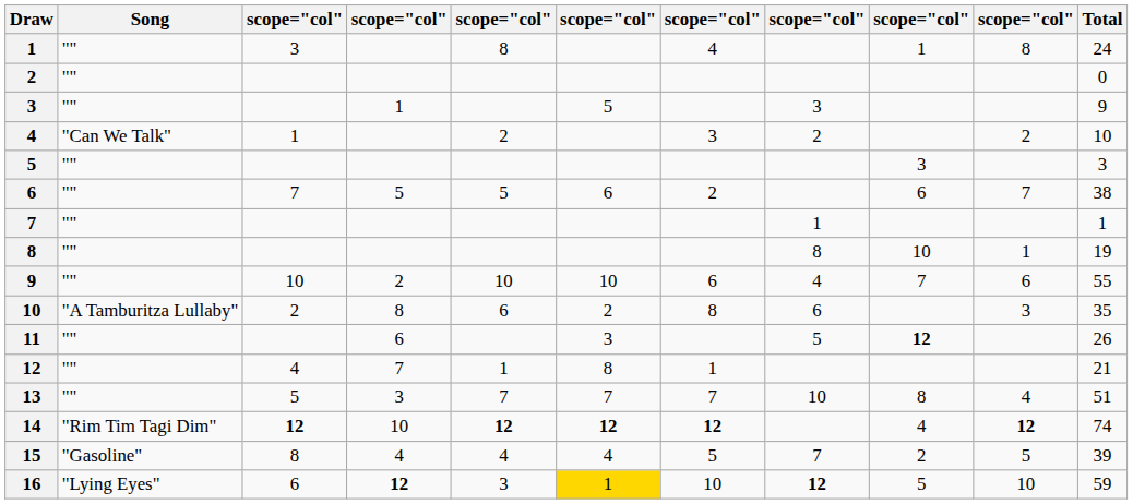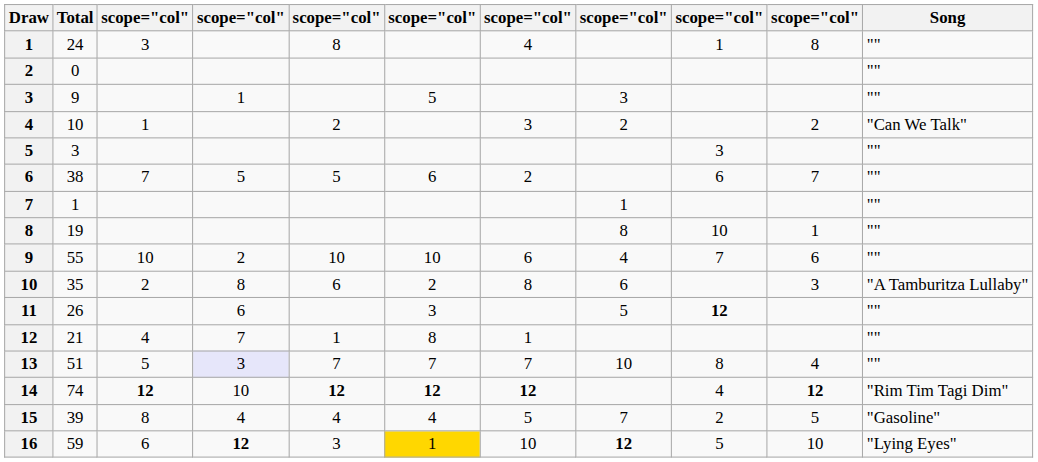 <table class="wikitable plainrowheaders collapsible" style="margin: 1em auto 1em auto; text-align:center;">
 <tr>
 <th>Draw</th>
-<th>Song</th>
+<th>Total</th>
 <th>scope="col" </th>
 <th>scope="col" </th>
 <th>scope="col" </th>
 <th>scope="col" </th>
 <th>scope="col" </th>
 <th>scope="col" </th>
 <th>scope="col" </th>
 <th>scope="col" </th>
-<th>Total</th>
+<th>Song</th>
 </tr>
 <tr>
 <th scope="row" style="text-align:center">1</th>
-<td align="left">""</td>
+<td>24</td>
 <td>3</td>
 <td></td>
 <td>8</td>
 <td></td>
 <td>4</td>
 <td></td>
 <td>1</td>
 <td>8</td>
-<td>24</td>
+<td align="left">""</td>
 </tr>
 <tr>
 <th scope="row" style="text-align:center">2</th>
-<td align="left">""</td>
+<td>0</td>
 <td></td>
 <td></td>
 <td></td>
 <td></td>
 <td></td>
 <td></td>
 <td></td>
 <td></td>
-<td>0</td>
+<td align="left">""</td>
 </tr>
 <tr>
 <th scope="row" style="text-align:center">3</th>
-<td align="left">""</td>
+<td>9</td>
 <td></td>
 <td>1</td>
 <td></td>
 <td>5</td>
 <td></td>
 <td>3</td>
 <td></td>
 <td></td>
-<td>9</td>
+<td align="left">""</td>
 </tr>
 <tr>
 <th scope="row" style="text-align:center">4</th>
-<td align="left">"Can We Talk"</td>
+<td>10</td>
 <td>1</td>
 <td></td>
 <td>2</td>
 <td></td>
 <td>3</td>
 <td>2</td>
 <td></td>
 <td>2</td>
-<td>10</td>
+<td align="left">"Can We Talk"</td>
 </tr>
 <tr>
 <th scope="row" style="text-align:center">5</th>
-<td align="left">""</td>
+<td>3</td>
 <td></td>
 <td></td>
 <td></td>
 <td></td>
 <td></td>
 <td></td>
 <td>3</td>
 <td></td>
-<td>3</td>
+<td align="left">""</td>
 </tr>
 <tr>
 <th scope="row" style="text-align:center">6</th>
-<td align="left">""</td>
+<td>38</td>
 <td>7</td>
 <td>5</td>
 <td>5</td>
 <td>6</td>
 <td>2</td>
 <td></td>
 <td>6</td>
 <td>7</td>
-<td>38</td>
+<td align="left">""</td>
 </tr>
 <tr>
 <th scope="row" style="text-align:center">7</th>
-<td align="left">""</td>
+<td>1</td>
 <td></td>
 <td></td>
 <td></td>
 <td></td>
 <td></td>
 <td>1</td>
 <td></td>
 <td></td>
-<td>1</td>
+<td align="left">""</td>
 </tr>
 <tr>
 <th scope="row" style="text-align:center">8</th>
-<td align="left">""</td>
+<td>19</td>
 <td></td>
 <td></td>
 <td></td>
 <td></td>
 <td></td>
 <td>8</td>
 <td>10</td>
 <td>1</td>
-<td>19</td>
+<td align="left">""</td>
 </tr>
 <tr>
 <th scope="row" style="text-align:center">9</th>
-<td align="left">""</td>
+<td>55</td>
 <td>10</td>
 <td>2</td>
 <td>10</td>
 <td>10</td>
 <td>6</td>
 <td>4</td>
 <td>7</td>
 <td>6</td>
-<td>55</td>
+<td align="left">""</td>
 </tr>
 <tr>
 <th scope="row" style="text-align:center">10</th>
-<td align="left">"A Tamburitza Lullaby"</td>
+<td>35</td>
 <td>2</td>
 <td>8</td>
 <td>6</td>
 <td>2</td>
 <td>8</td>
 <td>6</td>
 <td></td>
 <td>3</td>
-<td>35</td>
+<td align="left">"A Tamburitza Lullaby"</td>
 </tr>
 <tr>
 <th scope="row" style="text-align:center">11</th>
-<td align="left">""</td>
+<td>26</td>
 <td></td>
 <td>6</td>
 <td></td>
 <td>3</td>
 <td></td>
 <td>5</td>
 <td><strong>12</strong></td>
 <td></td>
-<td>26</td>
+<td align="left">""</td>
 </tr>
 <tr>
 <th scope="row" style="text-align:center">12</th>
-<td align="left">""</td>
+<td>21</td>
 <td>4</td>
 <td>7</td>
 <td>1</td>
 <td>8</td>
 <td>1</td>
 <td></td>
 <td></td>
 <td></td>
-<td>21</td>
+<td align="left">""</td>
 </tr>
 <tr>
 <th scope="row" style="text-align:center">13</th>
-<td align="left">""</td>
+<td>51</td>
 <td>5</td>
-<td>3</td>
+<td style="background: lavender;">3</td>
 <td>7</td>
 <td>7</td>
 <td>7</td>
 <td>10</td>
 <td>8</td>
 <td>4</td>
-<td>51</td>
+<td align="left">""</td>
 </tr>
 <tr>
 <th scope="row" style="text-align:center">14</th>
-<td align="left">"Rim Tim Tagi Dim"</td>
+<td>74</td>
 <td><strong>12</strong></td>
 <td>10</td>
 <td><strong>12</strong></td>
 <td><strong>12</strong></td>
 <td><strong>12</strong></td>
 <td></td>
 <td>4</td>
 <td><strong>12</strong></td>
-<td>74</td>
+<td align="left">"Rim Tim Tagi Dim"</td>
 </tr>
 <tr>
 <th scope="row" style="text-align:center">15</th>
-<td align="left">"Gasoline"</td>
+<td>39</td>
 <td>8</td>
 <td>4</td>
 <td>4</td>
 <td>4</td>
 <td>5</td>
 <td>7</td>
 <td>2</td>
 <td>5</td>
-<td>39</td>
+<td align="left">"Gasoline"</td>
 </tr>
 <tr>
 <th scope="row" style="text-align:center">16</th>
-<td align="left">"Lying Eyes"</td>
+<td>59</td>
 <td>6</td>
 <td><strong>12</strong></td>
 <td>3</td>
 <td style="background: gold;">1</td>
 <td>10</td>
 <td><strong>12</strong></td>
 <td>5</td>
 <td>10</td>
-<td>59</td>
+<td align="left">"Lying Eyes"</td>
 </tr>
 </table>
